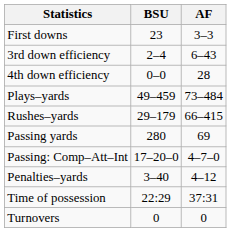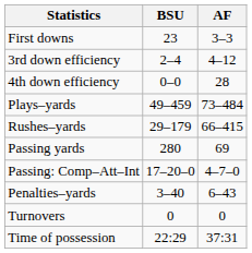 <table class="wikitable">
 <tr>
 <th>Statistics</th>
 <th>BSU</th>
 <th>AF</th>
 </tr>
 <tr>
 <td>First downs</td>
 <td align=center>23</td>
 <td align=center>3–3</td>
 </tr>
 <tr>
 <td>3rd down efficiency</td>
 <td align=center>2–4</td>
-<td align=center>6–43</td>
+<td align=center>4–12</td>
 </tr>
 <tr>
 <td>4th down efficiency</td>
 <td align=center>0–0</td>
 <td align=center>28</td>
 </tr>
 <tr>
 <td>Plays–yards</td>
 <td align=center>49–459</td>
 <td align=center>73–484</td>
 </tr>
 <tr>
 <td>Rushes–yards</td>
 <td align=center>29–179</td>
 <td align=center>66–415</td>
 </tr>
 <tr>
 <td>Passing yards</td>
 <td align=center>280</td>
 <td align=center>69</td>
 </tr>
 <tr>
 <td>Passing: Comp–Att–Int</td>
 <td align=center>17–20–0</td>
 <td align=center>4–7–0</td>
 </tr>
 <tr>
 <td>Penalties–yards</td>
 <td align=center>3–40</td>
-<td align=center>4–12</td>
+<td align=center>6–43</td>
+</tr>
+<tr>
+<td>Turnovers</td>
+<td align=center>0</td>
+<td align=center>0</td>
 </tr>
 <tr>
 <td>Time of possession</td>
 <td align=center>22:29</td>
 <td align=center>37:31</td>
 </tr>
-<tr>
-<td>Turnovers</td>
-<td align=center>0</td>
-<td align=center>0</td>
-</tr>
 </table>
